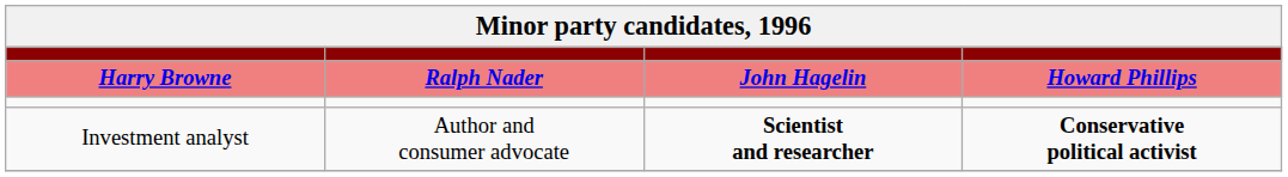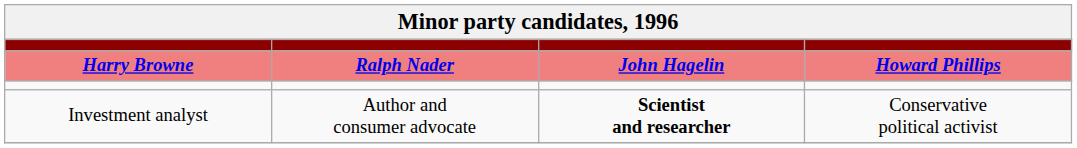 <table class="wikitable" style="font-size:90%; text-align:center;">
 <tr>
 <td style="background:#f1f1f1;" colspan="30"><big><strong>Minor party candidates, 1996</strong></big></td>
 </tr>
 <tr>
 <th style="width:3em; font-size:135%; background:#8B0000; width:100px;"></th>
 <th style="width:3em; font-size:135%; background:#8B0000; width:100px;"></th>
 <th style="width:3em; font-size:135%; background:#8B0000; width:100px;"></th>
 <th style="width:3em; font-size:135%; background:#8B0000; width:100px;"></th>
 </tr>
 <tr style="color:#000; font-size:100%; background:#F08080;">
 <td style="width:3em; width:200px;"><strong><em><a href='#'>Harry Browne</a></em></strong></td>
 <td style="width:3em; width:200px;"><strong><em><a href='#'>Ralph Nader</a></em></strong></td>
 <td style="width:3em; width:200px;"><strong><em><a href='#'>John Hagelin</a></em></strong></td>
 <td style="width:3em; width:200px;"><strong><em><a href='#'>Howard Phillips</a></em></strong></td>
 </tr>
 <tr>
 <td></td>
 <td></td>
 <td></td>
 <td></td>
 </tr>
 <tr>
 <td>Investment analyst</td>
 <td>Author and <br>consumer advocate</td>
 <td><strong>Scientist <br>and researcher</strong></td>
-<td><strong>Conservative<br> political activist</strong></td>
+<td>Conservative<br> political activist</td>
 </tr>
 <tr>
 </tr>
 </table>
